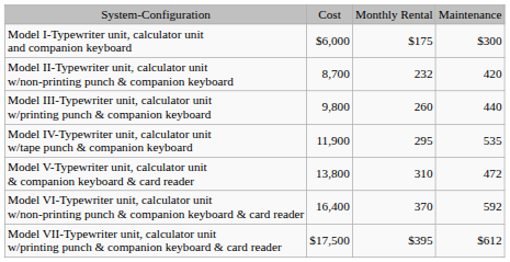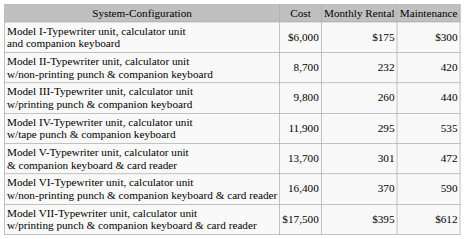 <table class="wikitable">
 <tr ---- BGCOLOR="C0C0C0">
 <td align="center">System-Configuration</td>
 <td align="center">Cost</td>
 <td align="center">Monthly Rental</td>
 <td align="center">Maintenance</td>
 </tr>
 <tr ---->
 <td>Model I-Typewriter unit, calculator unit<br>and companion keyboard</td>
 <td align="right">$6,000</td>
 <td align="right">$175</td>
 <td align="right">$300</td>
 </tr>
 <tr ---->
 <td>Model II-Typewriter unit, calculator unit<br>w/non-printing punch & companion keyboard</td>
 <td align="right">8,700</td>
 <td align="right">232</td>
 <td align="right">420</td>
 </tr>
 <tr ---->
 <td>Model III-Typewriter unit, calculator unit<br>w/printing punch & companion keyboard</td>
 <td align="right">9,800</td>
 <td align="right">260</td>
 <td align="right">440</td>
 </tr>
 <tr ---->
 <td>Model IV-Typewriter unit, calculator unit<br>w/tape punch & companion keyboard</td>
 <td align="right">11,900</td>
 <td align="right">295</td>
 <td align="right">535</td>
 </tr>
 <tr ---->
 <td>Model V-Typewriter unit, calculator unit<br>& companion keyboard & card reader</td>
-<td align="right">13,800</td>
-<td align="right">310</td>
+<td align="right">13,700</td>
+<td align="right">301</td>
 <td align="right">472</td>
 </tr>
 <tr ---->
 <td>Model VI-Typewriter unit, calculator unit<br>w/non-printing punch & companion keyboard & card reader</td>
 <td align="right">16,400</td>
 <td align="right">370</td>
-<td align="right">592</td>
+<td align="right">590</td>
 </tr>
 <tr ---->
 <td>Model VII-Typewriter unit, calculator unit<br>w/printing punch & companion keyboard & card reader</td>
 <td align="right">$17,500</td>
 <td align="right">$395</td>
 <td align="right">$612</td>
 </tr>
 </table>
